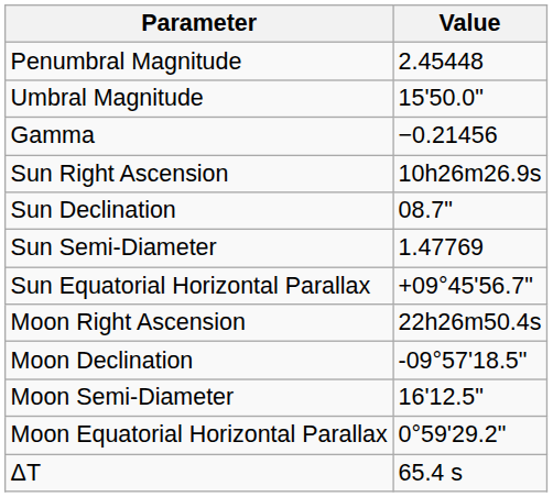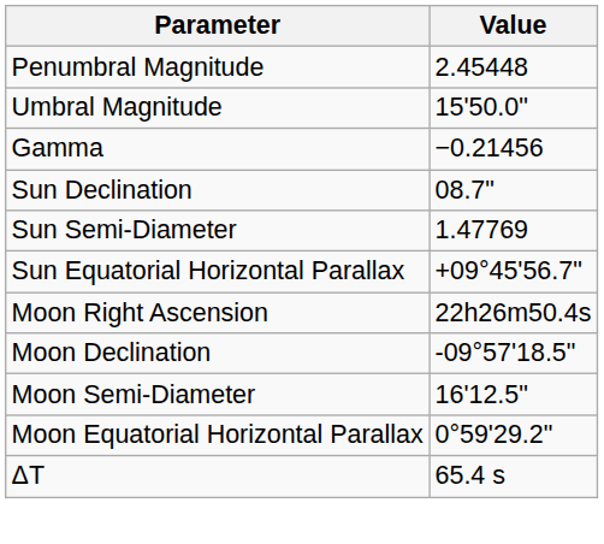 <table class="wikitable">
 <tr>
 <th>Parameter</th>
 <th>Value</th>
 </tr>
 <tr>
 <td>Penumbral Magnitude</td>
 <td>2.45448</td>
 </tr>
 <tr>
 <td>Umbral Magnitude</td>
 <td>15'50.0"</td>
 </tr>
 <tr>
 <td>Gamma</td>
 <td>−0.21456</td>
-</tr>
-<tr>
-<td>Sun Right Ascension</td>
-<td>10h26m26.9s</td>
 </tr>
 <tr>
 <td>Sun Declination</td>
 <td>08.7"</td>
 </tr>
 <tr>
 <td>Sun Semi-Diameter</td>
 <td>1.47769</td>
 </tr>
 <tr>
 <td>Sun Equatorial Horizontal Parallax</td>
 <td>+09°45'56.7"</td>
 </tr>
 <tr>
 <td>Moon Right Ascension</td>
 <td>22h26m50.4s</td>
 </tr>
 <tr>
 <td>Moon Declination</td>
 <td>-09°57'18.5"</td>
 </tr>
 <tr>
 <td>Moon Semi-Diameter</td>
 <td>16'12.5"</td>
 </tr>
 <tr>
 <td>Moon Equatorial Horizontal Parallax</td>
 <td>0°59'29.2"</td>
 </tr>
 <tr>
 <td>ΔT</td>
 <td>65.4 s</td>
 </tr>
 </table>
